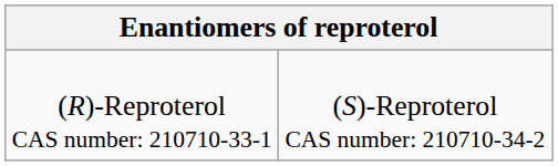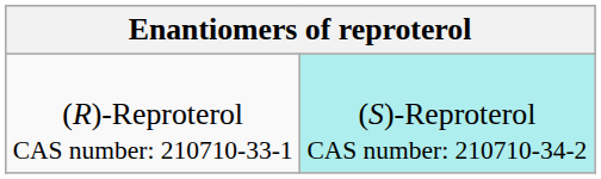 <table class="wikitable" style="text-align:center">
 <tr class="hintergrundfarbe6">
 <th colspan="2">Enantiomers of reproterol</th>
 </tr>
 <tr>
 <td><br>(<em>R</em>)-Reproterol<br><small> CAS number: 210710-33-1</small></td>
-<td><br>(<em>S</em>)-Reproterol<br><small> CAS number: 210710-34-2</small></td>
+<td style="background: paleturquoise;"><br>(<em>S</em>)-Reproterol<br><small> CAS number: 210710-34-2</small></td>
 </tr>
 </table>
